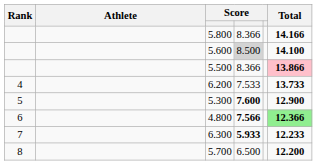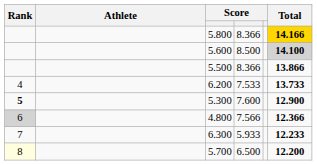 <table class=wikitable style="text-align:center">
 <tr>
 <th width="40" rowspan="2">Rank</th>
 <th width="250" rowspan="2">Athlete</th>
 <th width="60" colspan="3">Score</th>
 <th width="60" rowspan="2">Total</th>
 </tr>
 <tr>
 <th></th>
 <th></th>
 <th></th>
 </tr>
 <tr>
 <td></td>
 <td align="left"></td>
 <td>5.800</td>
 <td>8.366</td>
 <td></td>
-<td><strong>14.166</strong></td>
+<td style="background: gold;"><strong>14.166</strong></td>
 </tr>
 <tr>
 <td></td>
 <td align="left"></td>
 <td>5.600</td>
-<td style="background: lightgrey;">8.500</td>
+<td>8.500</td>
 <td></td>
-<td><strong>14.100</strong></td>
+<td style="background: lightgrey;"><strong>14.100</strong></td>
 </tr>
 <tr>
 <td></td>
 <td align="left"></td>
 <td>5.500</td>
 <td>8.366</td>
 <td></td>
-<td style="background: pink;"><strong>13.866</strong></td>
+<td><strong>13.866</strong></td>
 </tr>
 <tr>
 <td>4</td>
 <td align="left"></td>
 <td>6.200</td>
 <td>7.533</td>
 <td></td>
 <td><strong>13.733</strong></td>
 </tr>
 <tr>
-<td>5</td>
+<td><strong>5</strong></td>
 <td align="left"></td>
 <td>5.300</td>
-<td><strong>7.600</strong></td>
+<td>7.600</td>
 <td></td>
 <td><strong>12.900</strong></td>
 </tr>
 <tr>
-<td>6</td>
+<td style="background: lightgrey;">6</td>
 <td align="left"></td>
 <td>4.800</td>
-<td><strong>7.566</strong></td>
+<td>7.566</td>
 <td></td>
-<td style="background: lightgreen;"><strong>12.366</strong></td>
+<td><strong>12.366</strong></td>
 </tr>
 <tr>
 <td>7</td>
 <td align="left"></td>
 <td>6.300</td>
-<td><strong>5.933</strong></td>
+<td>5.933</td>
 <td></td>
 <td><strong>12.233</strong></td>
 </tr>
 <tr>
-<td>8</td>
+<td style="background: lightyellow;">8</td>
 <td align="left"></td>
 <td>5.700</td>
 <td>6.500</td>
 <td></td>
 <td><strong>12.200</strong></td>
 </tr>
 </table>
